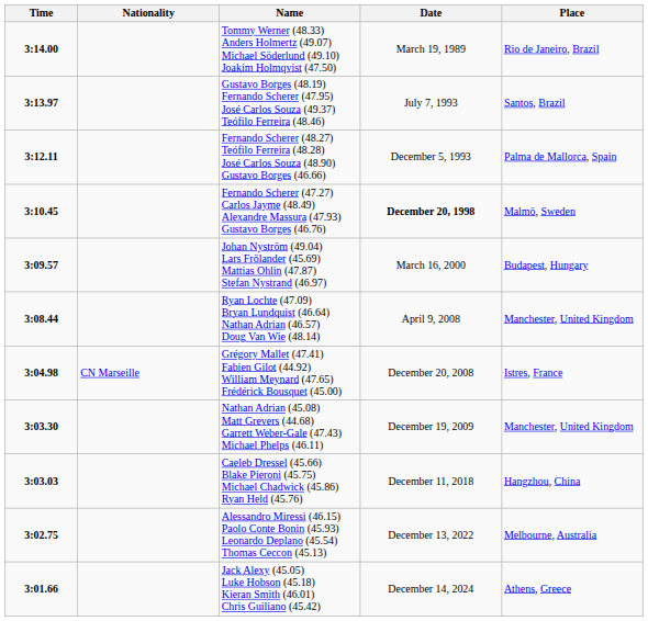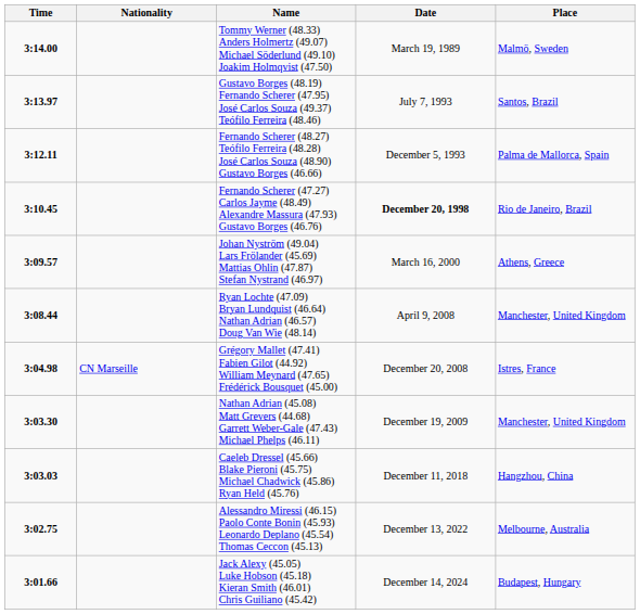 <table class="wikitable sortable">
 <tr>
 <th style="width: 100px; text-align: center;">Time</th>
 <th style="width: 200px;">Nationality</th>
 <th style="width: 200px;">Name</th>
 <th style="width: 200px; text-align: center;">Date</th>
 <th style="width: 200px;">Place</th>
 </tr>
 <tr>
 <td style="text-align: center;"><strong>3:14.00</strong></td>
 <td></td>
 <td><a href='#'>Tommy Werner</a> (48.33)<br><a href='#'>Anders Holmertz</a> (49.07)<br><a href='#'>Michael Söderlund</a> (49.10)<br><a href='#'>Joakim Holmqvist</a> (47.50)</td>
 <td style="text-align: center;">March 19, 1989</td>
-<td><a href='#'>Rio de Janeiro</a>, <a href='#'>Brazil</a></td>
+<td><a href='#'>Malmö</a>, <a href='#'>Sweden</a></td>
 </tr>
 <tr>
 <td style="text-align: center;"><strong>3:13.97</strong></td>
 <td></td>
 <td><a href='#'>Gustavo Borges</a> (48.19)<br><a href='#'>Fernando Scherer</a> (47.95)<br><a href='#'>José Carlos Souza</a> (49.37)<br><a href='#'>Teófilo Ferreira</a> (48.46)</td>
 <td style="text-align: center;">July 7, 1993</td>
 <td><a href='#'>Santos</a>, <a href='#'>Brazil</a></td>
 </tr>
 <tr>
 <td style="text-align: center;"><strong>3:12.11</strong></td>
 <td></td>
 <td><a href='#'>Fernando Scherer</a> (48.27)<br><a href='#'>Teófilo Ferreira</a> (48.28)<br><a href='#'>José Carlos Souza</a> (48.90)<br><a href='#'>Gustavo Borges</a> (46.66)</td>
 <td style="text-align: center;">December 5, 1993</td>
 <td><a href='#'>Palma de Mallorca</a>, <a href='#'>Spain</a></td>
 </tr>
 <tr>
 <td style="text-align: center;"><strong>3:10.45</strong></td>
 <td></td>
 <td><a href='#'>Fernando Scherer</a> (47.27)<br><a href='#'>Carlos Jayme</a> (48.49)<br><a href='#'>Alexandre Massura</a> (47.93)<br><a href='#'>Gustavo Borges</a> (46.76)</td>
 <td style="text-align: center;"><strong>December 20, 1998</strong></td>
-<td><a href='#'>Malmö</a>, <a href='#'>Sweden</a></td>
+<td><a href='#'>Rio de Janeiro</a>, <a href='#'>Brazil</a></td>
 </tr>
 <tr>
 <td style="text-align: center;"><strong>3:09.57</strong></td>
 <td></td>
 <td><a href='#'>Johan Nyström</a> (49.04)<br><a href='#'>Lars Frölander</a> (45.69)<br><a href='#'>Mattias Ohlin</a> (47.87)<br><a href='#'>Stefan Nystrand</a> (46.97)</td>
 <td style="text-align: center;">March 16, 2000</td>
-<td><a href='#'>Budapest</a>, <a href='#'>Hungary</a></td>
+<td><a href='#'>Athens</a>, <a href='#'>Greece</a></td>
 </tr>
 <tr>
 <td style="text-align: center;"><strong>3:08.44</strong></td>
 <td></td>
 <td><a href='#'>Ryan Lochte</a> (47.09)<br><a href='#'>Bryan Lundquist</a> (46.64)<br><a href='#'>Nathan Adrian</a> (46.57)<br><a href='#'>Doug Van Wie</a> (48.14)</td>
 <td style="text-align: center;">April 9, 2008</td>
 <td><a href='#'>Manchester</a>, <a href='#'>United Kingdom</a></td>
 </tr>
 <tr>
 <td style="text-align: center;"><strong>3:04.98</strong></td>
 <td> <a href='#'>CN Marseille</a></td>
 <td><a href='#'>Grégory Mallet</a> (47.41)<br><a href='#'>Fabien Gilot</a> (44.92)<br><a href='#'>William Meynard</a> (47.65)<br><a href='#'>Frédérick Bousquet</a> (45.00)</td>
 <td style="text-align: center;">December 20, 2008</td>
 <td><a href='#'>Istres</a>, <a href='#'>France</a></td>
 </tr>
 <tr>
 <td style="text-align: center;"><strong>3:03.30</strong></td>
 <td></td>
 <td><a href='#'>Nathan Adrian</a> (45.08)<br><a href='#'>Matt Grevers</a> (44.68)<br><a href='#'>Garrett Weber-Gale</a> (47.43)<br><a href='#'>Michael Phelps</a> (46.11)</td>
 <td style="text-align: center;">December 19, 2009</td>
 <td><a href='#'>Manchester</a>, <a href='#'>United Kingdom</a></td>
 </tr>
 <tr>
 <td style="text-align: center;"><strong>3:03.03</strong></td>
 <td></td>
 <td><a href='#'>Caeleb Dressel</a> (45.66)<br><a href='#'>Blake Pieroni</a> (45.75)<br><a href='#'>Michael Chadwick</a> (45.86)<br><a href='#'>Ryan Held</a> (45.76)</td>
 <td style="text-align: center;">December 11, 2018</td>
 <td><a href='#'>Hangzhou</a>, <a href='#'>China</a></td>
 </tr>
 <tr>
 <td style="text-align: center;"><strong>3:02.75</strong></td>
 <td></td>
 <td><a href='#'>Alessandro Miressi</a> (46.15)<br><a href='#'>Paolo Conte Bonin</a> (45.93)<br><a href='#'>Leonardo Deplano</a> (45.54)<br><a href='#'>Thomas Ceccon</a> (45.13)</td>
 <td style="text-align: center;">December 13, 2022</td>
 <td><a href='#'>Melbourne</a>, <a href='#'>Australia</a></td>
 </tr>
 <tr>
 <td style="text-align: center;"><strong>3:01.66</strong></td>
 <td></td>
 <td><a href='#'>Jack Alexy</a> (45.05)<br><a href='#'>Luke Hobson</a> (45.18)<br><a href='#'>Kieran Smith</a> (46.01)<br><a href='#'>Chris Guiliano</a> (45.42)</td>
 <td style="text-align: center;">December 14, 2024</td>
-<td><a href='#'>Athens</a>, <a href='#'>Greece</a></td>
+<td><a href='#'>Budapest</a>, <a href='#'>Hungary</a></td>
 </tr>
 </table>
